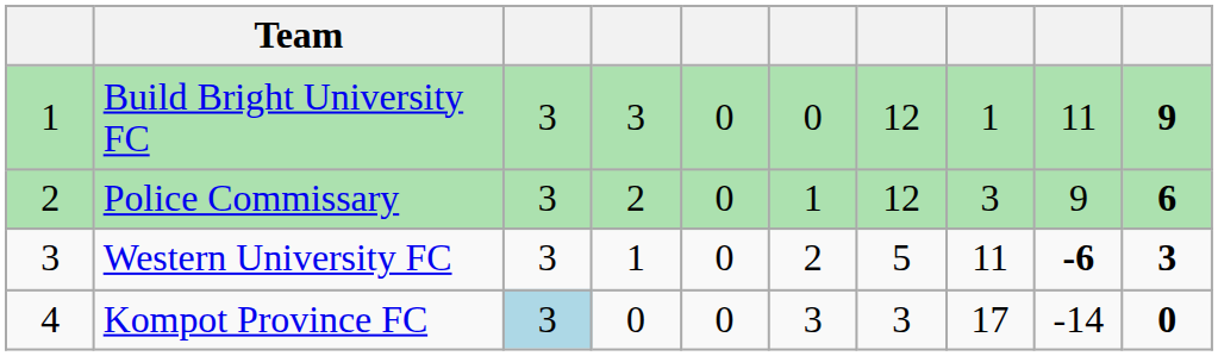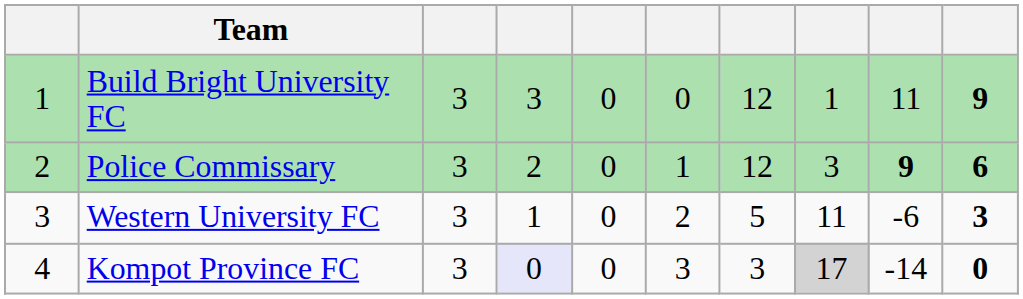 <table class="wikitable" style="text-align: center;">
 <tr>
 <th width=30></th>
 <th width=165>Team</th>
 <th width=30></th>
 <th width=30></th>
 <th width=30></th>
 <th width=30></th>
 <th width=30></th>
 <th width=30></th>
 <th width=30></th>
 <th width=30></th>
 </tr>
 <tr bgcolor=#ACE1AF>
 <td>1</td>
 <td align=left><a href='#'>Build Bright University FC</a></td>
 <td>3</td>
 <td>3</td>
 <td>0</td>
 <td>0</td>
 <td>12</td>
 <td>1</td>
 <td>11</td>
 <td><strong>9</strong></td>
 </tr>
 <tr bgcolor=#ACE1AF>
 <td>2</td>
 <td align=left><a href='#'>Police Commissary</a></td>
 <td>3</td>
 <td>2</td>
 <td>0</td>
 <td>1</td>
 <td>12</td>
 <td>3</td>
-<td>9</td>
+<td><strong>9</strong></td>
 <td><strong>6</strong></td>
 </tr>
 <tr>
 <td>3</td>
 <td align=left><a href='#'>Western University FC</a></td>
 <td>3</td>
 <td>1</td>
 <td>0</td>
 <td>2</td>
 <td>5</td>
 <td>11</td>
-<td><strong>-6</strong></td>
+<td>-6</td>
 <td><strong>3</strong></td>
 </tr>
 <tr>
 <td>4</td>
 <td align=left><a href='#'>Kompot Province FC</a></td>
-<td style="background: lightblue;">3</td>
-<td>0</td>
+<td>3</td>
+<td style="background: lavender;">0</td>
 <td>0</td>
 <td>3</td>
 <td>3</td>
-<td>17</td>
+<td style="background: lightgrey;">17</td>
 <td>-14</td>
 <td><strong>0</strong></td>
 </tr>
 </table>
